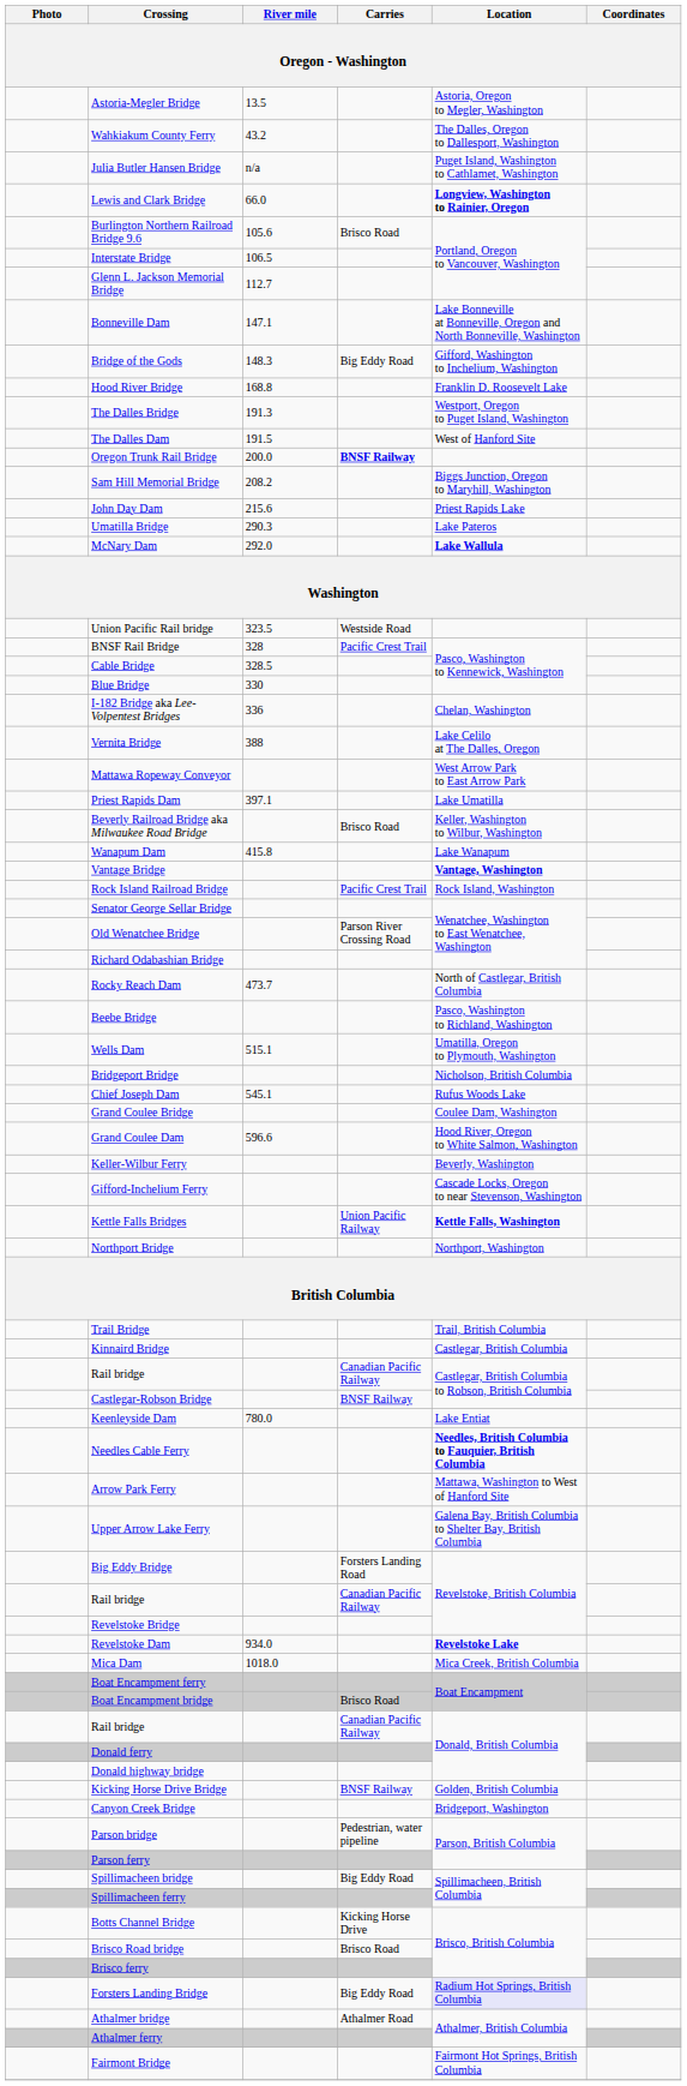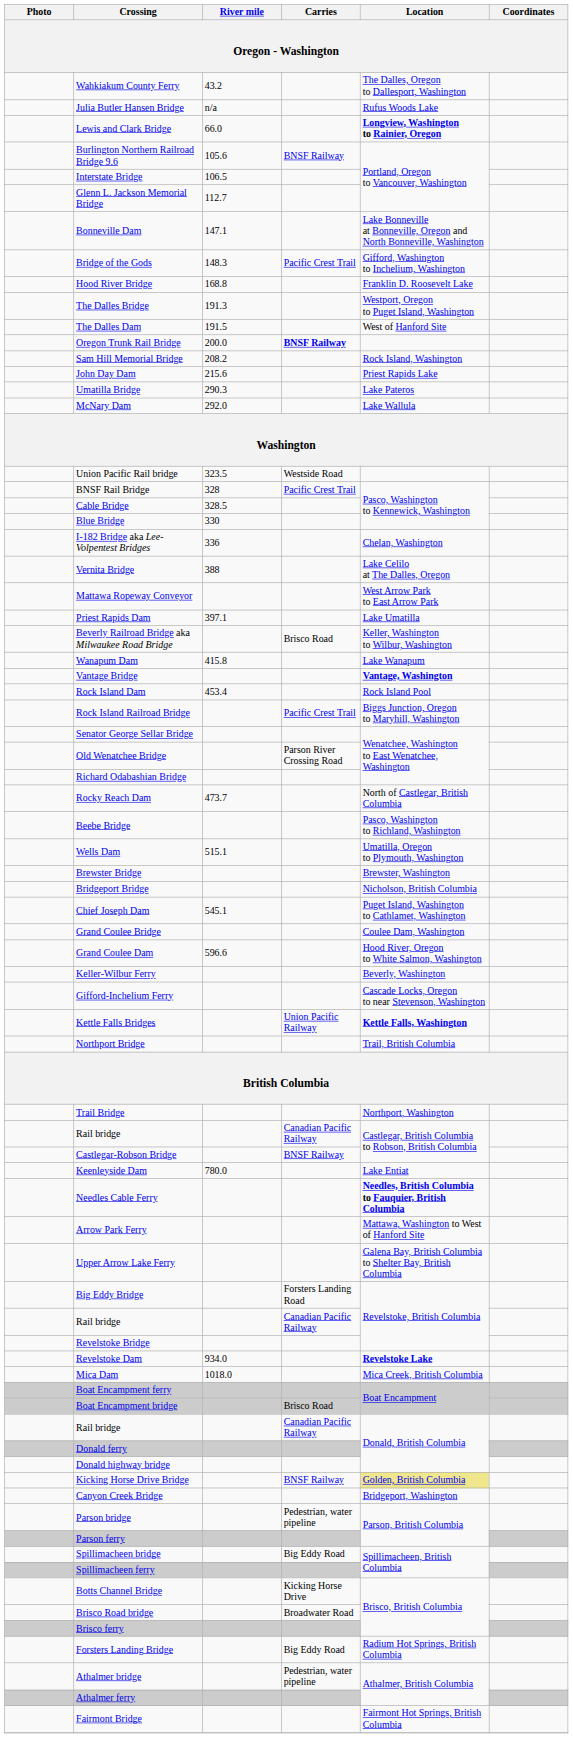 <table class=wikitable width=910>
 <tr>
 <th>Photo</th>
 <th width=200>Crossing</th>
 <th width=120><a href='#'>River mile</a></th>
 <th width=120>Carries</th>
 <th width=200>Location</th>
 <th width=120>Coordinates</th>
 </tr>
 <tr>
 <th colspan=6><br><h3>Oregon - Washington</h3></th>
 </tr>
 <tr>
 <td></td>
-<td><a href='#'>Astoria-Megler Bridge</a></td>
-<td>13.5</td>
-<td></td>
-<td><a href='#'>Astoria, Oregon</a><br>to <a href='#'>Megler, Washington</a></td>
-<td></td>
-</tr>
-<tr>
-<td></td>
 <td><a href='#'>Wahkiakum County Ferry</a></td>
 <td>43.2</td>
 <td></td>
 <td><a href='#'>The Dalles, Oregon</a><br>to <a href='#'>Dallesport, Washington</a></td>
 <td></td>
 </tr>
 <tr>
 <td></td>
 <td><a href='#'>Julia Butler Hansen Bridge</a></td>
 <td>n/a</td>
 <td></td>
-<td><a href='#'>Puget Island, Washington</a><br>to <a href='#'>Cathlamet, Washington</a></td>
+<td><a href='#'>Rufus Woods Lake</a></td>
 <td></td>
 </tr>
 <tr>
 <td></td>
 <td><a href='#'>Lewis and Clark Bridge</a></td>
 <td>66.0</td>
 <td></td>
 <td><strong><a href='#'>Longview, Washington</a><br>to <a href='#'>Rainier, Oregon</a></strong></td>
 <td></td>
 </tr>
 <tr>
 <td></td>
 <td><a href='#'>Burlington Northern Railroad Bridge 9.6</a></td>
 <td>105.6</td>
-<td>Brisco Road</td>
+<td><a href='#'>BNSF Railway</a></td>
 <td rowspan=3><a href='#'>Portland, Oregon</a><br>to <a href='#'>Vancouver, Washington</a></td>
 <td></td>
 </tr>
 <tr>
 <td></td>
 <td><a href='#'>Interstate Bridge</a></td>
 <td>106.5</td>
 <td></td>
 <td></td>
 </tr>
 <tr>
 <td></td>
 <td><a href='#'>Glenn L. Jackson Memorial Bridge</a></td>
 <td>112.7</td>
 <td></td>
 <td></td>
 </tr>
 <tr>
 <td></td>
 <td><a href='#'>Bonneville Dam</a></td>
 <td>147.1</td>
 <td></td>
 <td><a href='#'>Lake Bonneville</a><br>at <a href='#'>Bonneville, Oregon</a> and <a href='#'>North Bonneville, Washington</a></td>
 <td></td>
 </tr>
 <tr>
 <td></td>
 <td><a href='#'>Bridge of the Gods</a></td>
 <td>148.3</td>
-<td>Big Eddy Road</td>
+<td><a href='#'>Pacific Crest Trail</a></td>
 <td><a href='#'>Gifford, Washington</a><br>to <a href='#'>Inchelium, Washington</a></td>
 <td></td>
 </tr>
 <tr>
 <td></td>
 <td><a href='#'>Hood River Bridge</a></td>
 <td>168.8</td>
 <td></td>
 <td><a href='#'>Franklin D. Roosevelt Lake</a></td>
 <td></td>
 </tr>
 <tr>
 <td></td>
 <td><a href='#'>The Dalles Bridge</a></td>
 <td>191.3</td>
 <td></td>
 <td><a href='#'>Westport, Oregon</a><br>to <a href='#'>Puget Island, Washington</a></td>
 <td></td>
 </tr>
 <tr>
 <td></td>
 <td><a href='#'>The Dalles Dam</a></td>
 <td>191.5</td>
 <td></td>
 <td>West of <a href='#'>Hanford Site</a></td>
 <td></td>
 </tr>
 <tr>
 <td></td>
 <td><a href='#'>Oregon Trunk Rail Bridge</a></td>
 <td>200.0</td>
 <td><strong><a href='#'>BNSF Railway</a></strong></td>
 <td></td>
 <td></td>
 </tr>
 <tr>
 <td></td>
 <td><a href='#'>Sam Hill Memorial Bridge</a></td>
 <td>208.2</td>
 <td></td>
-<td><a href='#'>Biggs Junction, Oregon</a><br>to <a href='#'>Maryhill, Washington</a></td>
+<td><a href='#'>Rock Island, Washington</a></td>
 <td></td>
 </tr>
 <tr>
 <td></td>
 <td><a href='#'>John Day Dam</a></td>
 <td>215.6</td>
 <td></td>
 <td><a href='#'>Priest Rapids Lake</a></td>
 <td></td>
 </tr>
 <tr>
 <td></td>
 <td><a href='#'>Umatilla Bridge</a></td>
 <td>290.3</td>
 <td></td>
 <td><a href='#'>Lake Pateros</a></td>
 <td></td>
 </tr>
 <tr>
 <td></td>
 <td><a href='#'>McNary Dam</a></td>
 <td>292.0</td>
 <td></td>
-<td><strong><a href='#'>Lake Wallula</a></strong></td>
+<td><a href='#'>Lake Wallula</a></td>
 <td></td>
 </tr>
 <tr>
 <th colspan=6><br><h3>Washington</h3></th>
 </tr>
 <tr>
 <td></td>
 <td>Union Pacific Rail bridge</td>
 <td>323.5</td>
 <td>Westside Road</td>
 <td></td>
 <td></td>
 </tr>
 <tr>
 <td></td>
 <td>BNSF Rail Bridge</td>
 <td>328</td>
 <td><a href='#'>Pacific Crest Trail</a></td>
 <td rowspan="3"><a href='#'>Pasco, Washington</a><br>to <a href='#'>Kennewick, Washington</a></td>
 <td></td>
 </tr>
 <tr>
 <td></td>
 <td><a href='#'>Cable Bridge</a></td>
 <td>328.5</td>
 <td></td>
 <td></td>
 </tr>
 <tr>
 <td></td>
 <td><a href='#'>Blue Bridge</a></td>
 <td>330</td>
 <td></td>
 <td></td>
 </tr>
 <tr>
 <td></td>
 <td><a href='#'>I-182 Bridge</a> aka <em>Lee-Volpentest Bridges</em></td>
 <td>336</td>
 <td></td>
 <td><a href='#'>Chelan, Washington</a></td>
 <td></td>
 </tr>
 <tr>
 <td></td>
 <td><a href='#'>Vernita Bridge</a></td>
 <td>388</td>
 <td></td>
 <td><a href='#'>Lake Celilo</a><br>at <a href='#'>The Dalles, Oregon</a></td>
 <td></td>
 </tr>
 <tr>
 <td></td>
 <td><a href='#'>Mattawa Ropeway Conveyor</a></td>
 <td></td>
 <td></td>
 <td><a href='#'>West Arrow Park</a><br>to <a href='#'>East Arrow Park</a></td>
 <td></td>
 </tr>
 <tr>
 <td></td>
 <td><a href='#'>Priest Rapids Dam</a></td>
 <td>397.1</td>
 <td></td>
 <td><a href='#'>Lake Umatilla</a></td>
 <td></td>
 </tr>
 <tr>
 <td></td>
 <td><a href='#'>Beverly Railroad Bridge</a> aka <em>Milwaukee Road Bridge</em></td>
 <td></td>
 <td>Brisco Road</td>
 <td><a href='#'>Keller, Washington</a><br>to <a href='#'>Wilbur, Washington</a></td>
 <td></td>
 </tr>
 <tr>
 <td></td>
 <td><a href='#'>Wanapum Dam</a></td>
 <td>415.8</td>
 <td></td>
 <td><a href='#'>Lake Wanapum</a></td>
 <td></td>
 </tr>
 <tr>
 <td></td>
 <td><a href='#'>Vantage Bridge</a></td>
 <td></td>
 <td></td>
 <td><strong><a href='#'>Vantage, Washington</a></strong></td>
 <td></td>
 </tr>
 <tr>
 <td></td>
+<td><a href='#'>Rock Island Dam</a></td>
+<td>453.4</td>
+<td></td>
+<td><a href='#'>Rock Island Pool</a></td>
+<td></td>
+</tr>
+<tr>
+<td></td>
 <td><a href='#'>Rock Island Railroad Bridge</a></td>
 <td></td>
 <td><a href='#'>Pacific Crest Trail</a></td>
-<td><a href='#'>Rock Island, Washington</a></td>
+<td><a href='#'>Biggs Junction, Oregon</a><br>to <a href='#'>Maryhill, Washington</a></td>
 <td></td>
 </tr>
 <tr>
 <td></td>
 <td><a href='#'>Senator George Sellar Bridge</a></td>
 <td></td>
 <td></td>
 <td rowspan="3"><a href='#'>Wenatchee, Washington</a><br>to <a href='#'>East Wenatchee, Washington</a></td>
 <td></td>
 </tr>
 <tr>
 <td></td>
 <td><a href='#'>Old Wenatchee Bridge</a></td>
 <td></td>
 <td>Parson River Crossing Road</td>
 <td></td>
 </tr>
 <tr>
 <td></td>
 <td><a href='#'>Richard Odabashian Bridge</a></td>
 <td></td>
 <td></td>
 <td></td>
 </tr>
 <tr>
 <td></td>
 <td><a href='#'>Rocky Reach Dam</a></td>
 <td>473.7</td>
 <td></td>
 <td>North of <a href='#'>Castlegar, British Columbia</a></td>
 <td></td>
 </tr>
 <tr>
 <td></td>
 <td><a href='#'>Beebe Bridge</a></td>
 <td></td>
 <td></td>
 <td><a href='#'>Pasco, Washington</a><br>to <a href='#'>Richland, Washington</a></td>
 <td></td>
 </tr>
 <tr>
 <td></td>
 <td><a href='#'>Wells Dam</a></td>
 <td>515.1</td>
 <td></td>
 <td><a href='#'>Umatilla, Oregon</a><br>to <a href='#'>Plymouth, Washington</a></td>
 <td></td>
 </tr>
 <tr>
 <td></td>
+<td><a href='#'>Brewster Bridge</a></td>
+<td></td>
+<td></td>
+<td><a href='#'>Brewster, Washington</a></td>
+<td></td>
+</tr>
+<tr>
+<td></td>
 <td><a href='#'>Bridgeport Bridge</a></td>
 <td></td>
 <td></td>
 <td><a href='#'>Nicholson, British Columbia</a></td>
 <td></td>
 </tr>
 <tr>
 <td></td>
 <td><a href='#'>Chief Joseph Dam</a></td>
 <td>545.1</td>
 <td></td>
-<td><a href='#'>Rufus Woods Lake</a></td>
+<td><a href='#'>Puget Island, Washington</a><br>to <a href='#'>Cathlamet, Washington</a></td>
 <td></td>
 </tr>
 <tr>
 <td></td>
 <td><a href='#'>Grand Coulee Bridge</a></td>
 <td></td>
 <td></td>
 <td><a href='#'>Coulee Dam, Washington</a></td>
 <td></td>
 </tr>
 <tr>
 <td></td>
 <td><a href='#'>Grand Coulee Dam</a></td>
 <td>596.6</td>
 <td></td>
 <td><a href='#'>Hood River, Oregon</a><br>to <a href='#'>White Salmon, Washington</a></td>
 <td></td>
 </tr>
 <tr>
 <td></td>
 <td><a href='#'>Keller-Wilbur Ferry</a></td>
 <td></td>
 <td></td>
 <td><a href='#'>Beverly, Washington</a></td>
 <td></td>
 </tr>
 <tr>
 <td></td>
 <td><a href='#'>Gifford-Inchelium Ferry</a></td>
 <td></td>
 <td></td>
 <td><a href='#'>Cascade Locks, Oregon</a><br>to near <a href='#'>Stevenson, Washington</a></td>
 <td></td>
 </tr>
 <tr>
 <td></td>
 <td><a href='#'>Kettle Falls Bridges</a></td>
 <td></td>
 <td><a href='#'>Union Pacific Railway</a></td>
 <td><strong><a href='#'>Kettle Falls, Washington</a></strong></td>
 <td></td>
 </tr>
 <tr>
 <td></td>
 <td><a href='#'>Northport Bridge</a></td>
 <td></td>
 <td></td>
-<td><a href='#'>Northport, Washington</a></td>
+<td><a href='#'>Trail, British Columbia</a></td>
 <td></td>
 </tr>
 <tr>
 <th colspan=6><br><h3>British Columbia</h3></th>
 </tr>
 <tr>
 <td></td>
 <td><a href='#'>Trail Bridge</a></td>
 <td></td>
 <td></td>
-<td><a href='#'>Trail, British Columbia</a></td>
-<td></td>
-</tr>
-<tr>
-<td></td>
-<td><a href='#'>Kinnaird Bridge</a></td>
-<td></td>
-<td></td>
-<td><a href='#'>Castlegar, British Columbia</a></td>
+<td><a href='#'>Northport, Washington</a></td>
 <td></td>
 </tr>
 <tr>
 <td></td>
 <td>Rail bridge</td>
 <td></td>
 <td><a href='#'>Canadian Pacific Railway</a></td>
 <td rowspan="2"><a href='#'>Castlegar, British Columbia</a><br>to <a href='#'>Robson, British Columbia</a></td>
 <td></td>
 </tr>
 <tr>
 <td></td>
 <td><a href='#'>Castlegar-Robson Bridge</a></td>
 <td></td>
 <td><a href='#'>BNSF Railway</a></td>
 <td></td>
 </tr>
 <tr>
 <td></td>
 <td><a href='#'>Keenleyside Dam</a></td>
 <td>780.0</td>
 <td></td>
 <td><a href='#'>Lake Entiat</a></td>
 <td></td>
 </tr>
 <tr>
 <td></td>
 <td><a href='#'>Needles Cable Ferry</a></td>
 <td></td>
 <td></td>
 <td><strong><a href='#'>Needles, British Columbia</a><br>to <a href='#'>Fauquier, British Columbia</a></strong></td>
 <td></td>
 </tr>
 <tr>
 <td></td>
 <td><a href='#'>Arrow Park Ferry</a></td>
 <td></td>
 <td></td>
 <td><a href='#'>Mattawa, Washington</a> to West of <a href='#'>Hanford Site</a></td>
 <td></td>
 </tr>
 <tr>
 <td></td>
 <td><a href='#'>Upper Arrow Lake Ferry</a></td>
 <td></td>
 <td></td>
 <td><a href='#'>Galena Bay, British Columbia</a><br>to <a href='#'>Shelter Bay, British Columbia</a></td>
 <td></td>
 </tr>
 <tr>
 <td></td>
 <td><a href='#'>Big Eddy Bridge</a></td>
 <td></td>
 <td>Forsters Landing Road</td>
 <td rowspan="3"><a href='#'>Revelstoke, British Columbia</a></td>
 <td></td>
 </tr>
 <tr>
 <td></td>
 <td>Rail bridge</td>
 <td></td>
 <td><a href='#'>Canadian Pacific Railway</a></td>
 <td></td>
 </tr>
 <tr>
 <td></td>
 <td><a href='#'>Revelstoke Bridge</a></td>
 <td></td>
 <td></td>
 <td></td>
 </tr>
 <tr>
 <td></td>
 <td><a href='#'>Revelstoke Dam</a></td>
 <td>934.0</td>
 <td></td>
 <td><strong><a href='#'>Revelstoke Lake</a></strong></td>
 <td></td>
 </tr>
 <tr>
 <td></td>
 <td><a href='#'>Mica Dam</a></td>
 <td>1018.0</td>
 <td></td>
 <td><a href='#'>Mica Creek, British Columbia</a></td>
 <td></td>
 </tr>
 <tr style="background:#cccccc;">
 <td></td>
 <td><a href='#'>Boat Encampment ferry</a></td>
 <td></td>
 <td></td>
 <td rowspan="2"><a href='#'>Boat Encampment</a></td>
 <td></td>
 </tr>
 <tr style="background:#cccccc;">
 <td></td>
 <td><a href='#'>Boat Encampment bridge</a></td>
 <td></td>
 <td>Brisco Road</td>
 <td></td>
 </tr>
 <tr>
 <td></td>
 <td>Rail bridge</td>
 <td></td>
 <td><a href='#'>Canadian Pacific Railway</a></td>
 <td rowspan="3"><a href='#'>Donald, British Columbia</a></td>
 <td></td>
 </tr>
 <tr style="background:#cccccc;">
 <td></td>
 <td><a href='#'>Donald ferry</a></td>
 <td></td>
 <td></td>
 <td></td>
 </tr>
 <tr>
 <td></td>
 <td><a href='#'>Donald highway bridge</a></td>
 <td></td>
 <td></td>
 <td></td>
 </tr>
 <tr>
 <td></td>
 <td><a href='#'>Kicking Horse Drive Bridge</a></td>
 <td></td>
 <td><a href='#'>BNSF Railway</a></td>
-<td><a href='#'>Golden, British Columbia</a></td>
+<td style="background: khaki;"><a href='#'>Golden, British Columbia</a></td>
 <td></td>
 </tr>
 <tr>
 <td></td>
 <td><a href='#'>Canyon Creek Bridge</a></td>
 <td></td>
 <td></td>
 <td><a href='#'>Bridgeport, Washington</a></td>
 <td></td>
 </tr>
 <tr>
 <td></td>
 <td><a href='#'>Parson bridge</a></td>
 <td></td>
 <td>Pedestrian, water pipeline</td>
 <td rowspan="2"><a href='#'>Parson, British Columbia</a></td>
 <td></td>
 </tr>
 <tr style="background:#cccccc;">
 <td></td>
 <td><a href='#'>Parson ferry</a></td>
 <td></td>
 <td></td>
 <td></td>
 </tr>
 <tr>
 <td></td>
 <td><a href='#'>Spillimacheen bridge</a></td>
 <td></td>
 <td>Big Eddy Road</td>
 <td rowspan="2"><a href='#'>Spillimacheen, British Columbia</a></td>
 <td></td>
 </tr>
 <tr style="background:#cccccc;">
 <td></td>
 <td><a href='#'>Spillimacheen ferry</a></td>
 <td></td>
 <td></td>
 <td></td>
 </tr>
 <tr>
 <td></td>
 <td><a href='#'>Botts Channel Bridge</a></td>
 <td></td>
 <td>Kicking Horse Drive</td>
 <td rowspan="3"><a href='#'>Brisco, British Columbia</a></td>
 <td></td>
 </tr>
 <tr>
 <td></td>
 <td><a href='#'>Brisco Road bridge</a></td>
 <td></td>
-<td>Brisco Road</td>
+<td>Broadwater Road</td>
 <td></td>
 </tr>
 <tr style="background:#cccccc;">
 <td></td>
 <td><a href='#'>Brisco ferry</a></td>
 <td></td>
 <td></td>
 <td></td>
 </tr>
 <tr>
 <td></td>
 <td><a href='#'>Forsters Landing Bridge</a></td>
 <td></td>
 <td>Big Eddy Road</td>
-<td style="background: lavender;"><a href='#'>Radium Hot Springs, British Columbia</a></td>
+<td><a href='#'>Radium Hot Springs, British Columbia</a></td>
 <td></td>
 </tr>
 <tr>
 <td></td>
 <td><a href='#'>Athalmer bridge</a></td>
 <td></td>
-<td>Athalmer Road</td>
+<td>Pedestrian, water pipeline</td>
 <td rowspan="2"><a href='#'>Athalmer, British Columbia</a></td>
 <td></td>
 </tr>
 <tr style="background:#cccccc;">
 <td></td>
 <td><a href='#'>Athalmer ferry</a></td>
 <td></td>
 <td></td>
 <td></td>
 </tr>
 <tr>
 <td></td>
 <td><a href='#'>Fairmont Bridge</a></td>
 <td></td>
 <td></td>
 <td><a href='#'>Fairmont Hot Springs, British Columbia</a></td>
 <td></td>
 </tr>
 <tr>
 </tr>
 </table>
